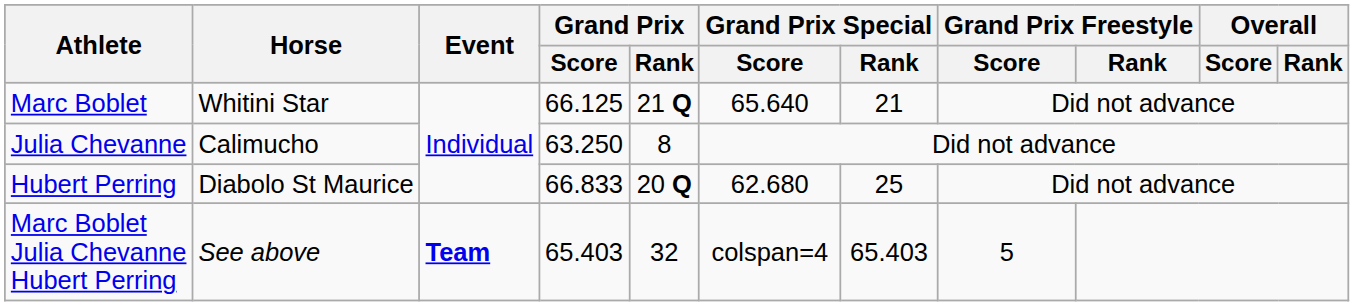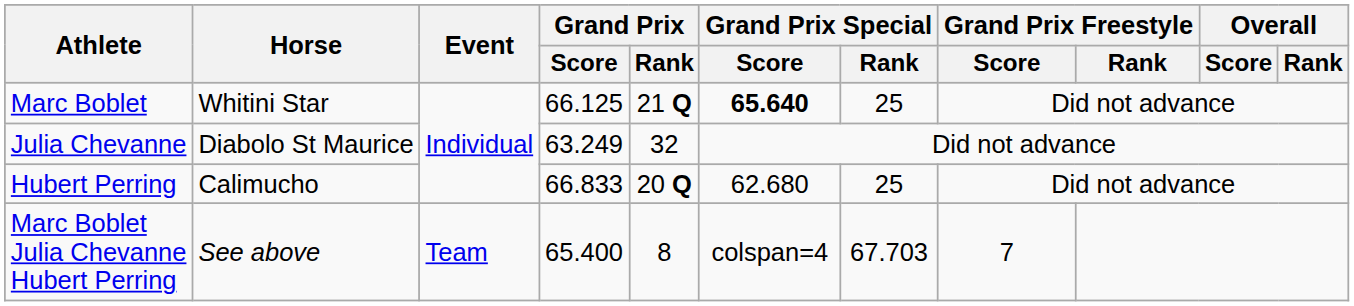 <table class=wikitable style="font-size:90%">
 <tr>
 <th rowspan="2">Athlete</th>
 <th rowspan="2">Horse</th>
 <th rowspan="2">Event</th>
 <th colspan="2">Grand Prix</th>
 <th colspan="2">Grand Prix Special</th>
 <th colspan="2">Grand Prix Freestyle</th>
 <th colspan="2">Overall</th>
 </tr>
 <tr style="font-size:95%">
 <th>Score</th>
 <th>Rank</th>
 <th>Score</th>
 <th>Rank</th>
 <th>Score</th>
 <th>Rank</th>
 <th>Score</th>
 <th>Rank</th>
 </tr>
 <tr align=center>
 <td align=left><a href='#'>Marc Boblet</a></td>
 <td align=left>Whitini Star</td>
 <td align=left rowspan=3><a href='#'>Individual</a></td>
 <td>66.125</td>
 <td>21 <strong>Q</strong></td>
-<td>65.640</td>
-<td>21</td>
+<td><strong>65.640</strong></td>
+<td>25</td>
 <td colspan=4>Did not advance</td>
 </tr>
 <tr align=center>
 <td align=left><a href='#'>Julia Chevanne</a></td>
-<td align=left>Calimucho</td>
-<td>63.250</td>
-<td>8</td>
+<td align=left>Diabolo St Maurice</td>
+<td>63.249</td>
+<td>32</td>
 <td colspan=6>Did not advance</td>
 </tr>
 <tr align=center>
 <td align=left><a href='#'>Hubert Perring</a></td>
-<td align=left>Diabolo St Maurice</td>
+<td align=left>Calimucho</td>
 <td>66.833</td>
 <td>20 <strong>Q</strong></td>
 <td>62.680</td>
 <td>25</td>
 <td colspan=4>Did not advance</td>
 </tr>
 <tr align=center>
 <td align=left><a href='#'>Marc Boblet</a><br><a href='#'>Julia Chevanne</a><br><a href='#'>Hubert Perring</a></td>
 <td align=left><em>See above</em></td>
-<td align=left><strong><a href='#'>Team</a></strong></td>
-<td>65.403</td>
-<td>32</td>
+<td align=left><a href='#'>Team</a></td>
+<td>65.400</td>
+<td>8</td>
 <td>colspan=4 </td>
-<td>65.403</td>
-<td>5</td>
+<td>67.703</td>
+<td>7</td>
 </tr>
 </table>
